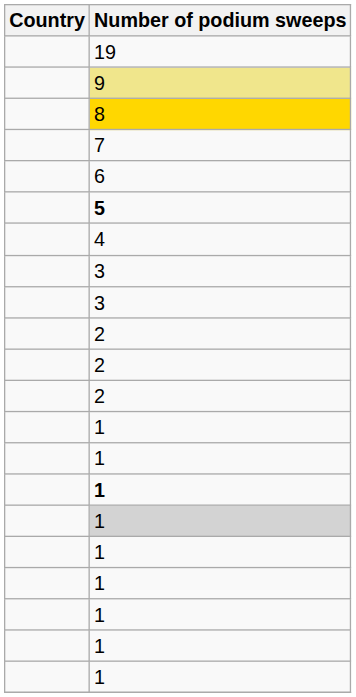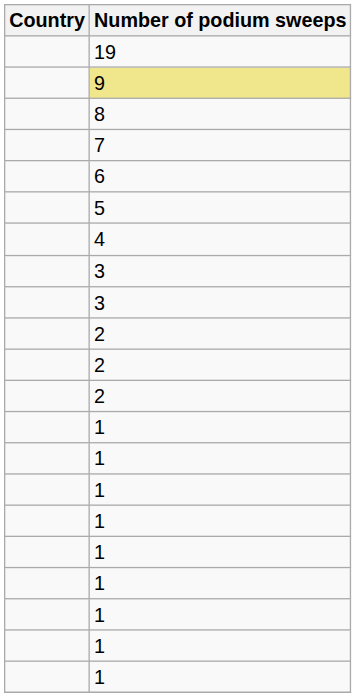 <table class="wikitable" style="font-size:95%">
 <tr>
 <th>Country</th>
 <th>Number of podium sweeps</th>
 </tr>
 <tr>
 <td></td>
 <td>19</td>
 </tr>
 <tr>
 <td></td>
 <td style="background: khaki;">9</td>
 </tr>
 <tr>
 <td></td>
-<td style="background: gold;">8</td>
+<td>8</td>
 </tr>
 <tr>
 <td></td>
 <td>7</td>
 </tr>
 <tr>
 <td></td>
 <td>6</td>
 </tr>
 <tr>
 <td></td>
-<td><strong>5</strong></td>
+<td>5</td>
 </tr>
 <tr>
 <td></td>
 <td>4</td>
 </tr>
 <tr>
 <td></td>
 <td>3</td>
 </tr>
 <tr>
 <td></td>
 <td>3</td>
 </tr>
 <tr>
 <td></td>
 <td>2</td>
 </tr>
 <tr>
 <td></td>
 <td>2</td>
 </tr>
 <tr>
 <td></td>
 <td>2</td>
 </tr>
 <tr>
 <td></td>
 <td>1</td>
 </tr>
 <tr>
 <td></td>
 <td>1</td>
 </tr>
 <tr>
 <td></td>
-<td><strong>1</strong></td>
+<td>1</td>
 </tr>
 <tr>
 <td></td>
-<td style="background: lightgrey;">1</td>
+<td>1</td>
 </tr>
 <tr>
 <td></td>
 <td>1</td>
 </tr>
 <tr>
 <td></td>
 <td>1</td>
 </tr>
 <tr>
 <td></td>
 <td>1</td>
 </tr>
 <tr>
 <td></td>
 <td>1</td>
 </tr>
 <tr>
 <td></td>
 <td>1</td>
 </tr>
 <tr>
 </tr>
 </table>
